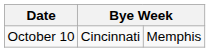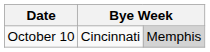 <table class="wikitable" style="font-size:95%;">
 <tr>
 <th>Date</th>
 <th colspan="2">Bye Week</th>
 </tr>
 <tr>
 <td>October 10</td>
 <td>Cincinnati</td>
-<td>Memphis</td>
+<td style="background: lightgrey;">Memphis</td>
 </tr>
 </table>
